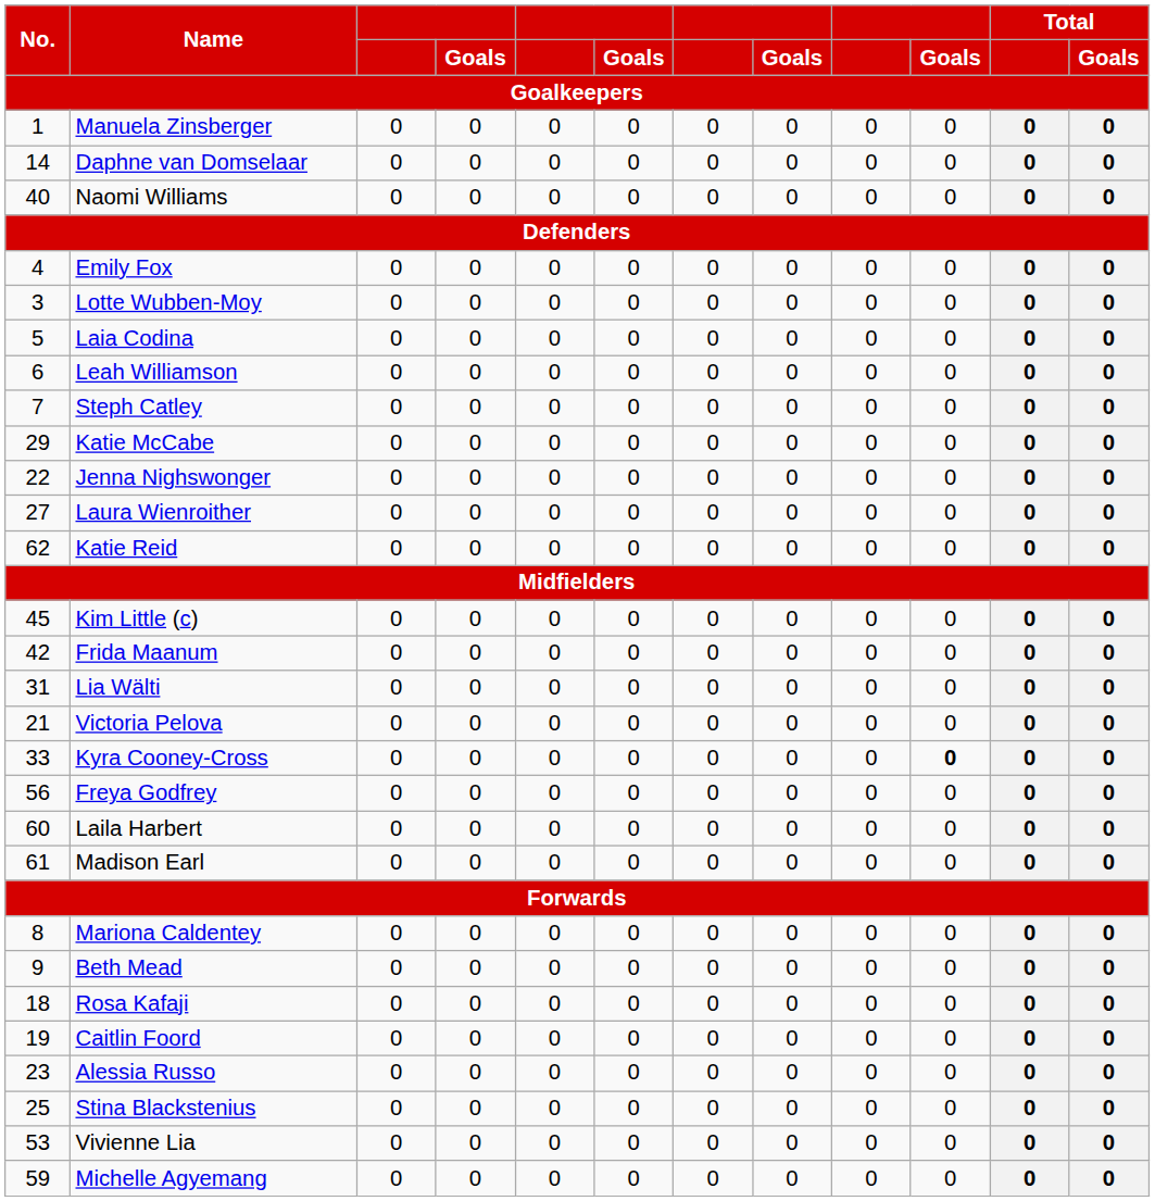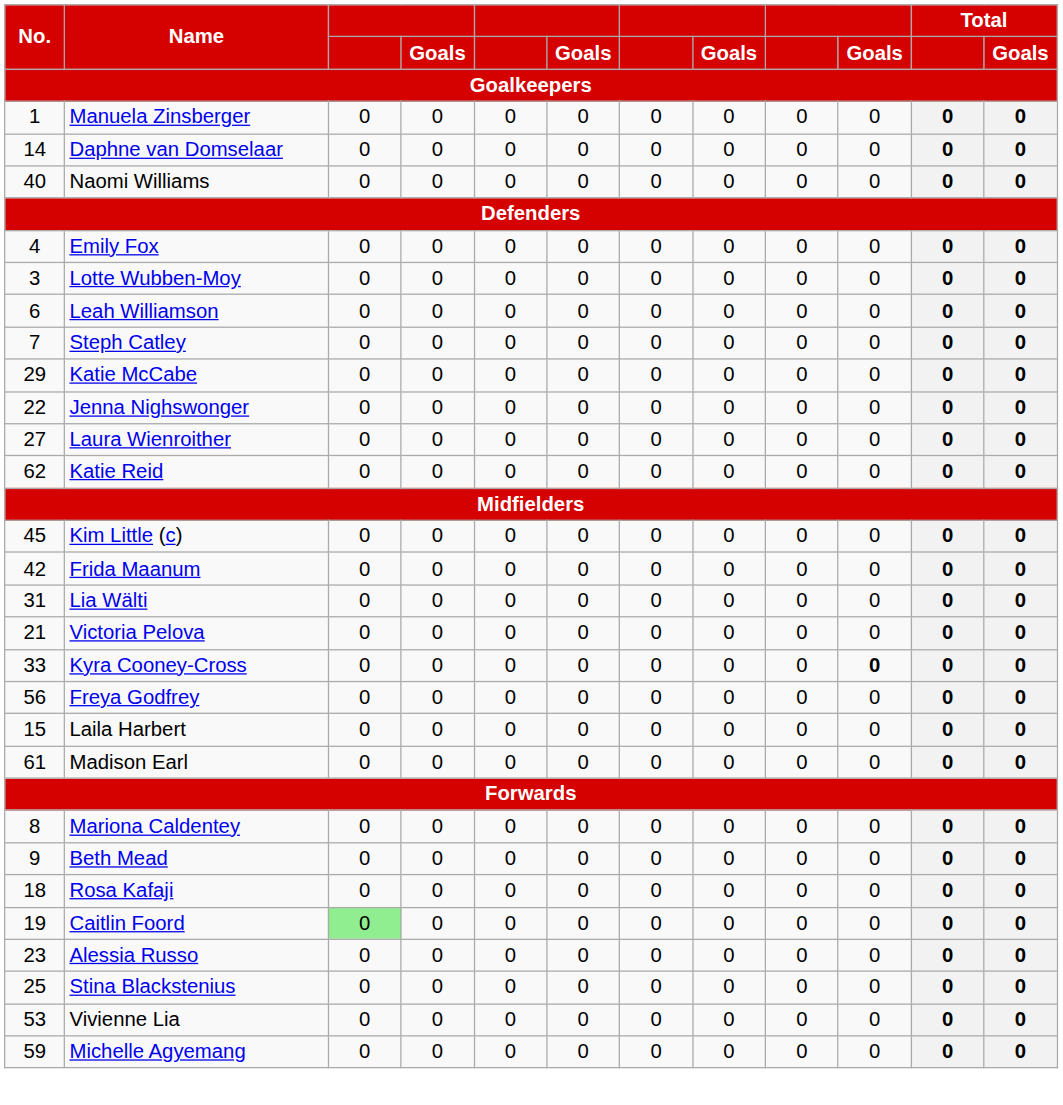 <table class="wikitable" style="text-align:center; font-size:100%; ">
 <tr>
 <th style="background:#d50000; color:white; text-align:center; width:40px;" rowspan="2">No.</th>
 <th style="background:#d50000; color:white; text-align:center; width:200px;" rowspan="2">Name</th>
 <th style="background:#d50000; color:white; text-align:center;" colspan="2"><a href='#'></a></th>
 <th style="background:#d50000; color:white; text-align:center;" colspan="2"><a href='#'></a></th>
 <th style="background:#d50000; color:white; text-align:center;" colspan="2"><a href='#'></a></th>
 <th style="background:#d50000; color:white; text-align:center;" colspan="2"><a href='#'></a></th>
 <th style="background:#d50000; color:white; text-align:center;" colspan="2">Total</th>
 </tr>
 <tr>
 <th style="background:#d50000; color:white; text-align:center; width:50px;"></th>
 <th style="background:#d50000; color:white; text-align:center; width:50px;">Goals</th>
 <th style="background:#d50000; color:white; text-align:center; width:50px;"></th>
 <th style="background:#d50000; color:white; text-align:center; width:50px;">Goals</th>
 <th style="background:#d50000; color:white; text-align:center; width:50px;"></th>
 <th style="background:#d50000; color:white; text-align:center; width:50px;">Goals</th>
 <th style="background:#d50000; color:white; text-align:center; width:50px;"></th>
 <th style="background:#d50000; color:white; text-align:center; width:50px;">Goals</th>
 <th style="background:#d50000; color:white; text-align:center; width:50px;"></th>
 <th style="background:#d50000; color:white; text-align:center; width:50px;">Goals</th>
 </tr>
 <tr>
 <th colspan="12" style="background:#d50000; color:white; text-align:center;">Goalkeepers</th>
 </tr>
 <tr>
 <td>1</td>
 <td align="left"> <a href='#'>Manuela Zinsberger</a></td>
 <td>0</td>
 <td>0</td>
 <td>0</td>
 <td>0</td>
 <td>0</td>
 <td>0</td>
 <td>0</td>
 <td>0</td>
 <th>0</th>
 <th>0</th>
 </tr>
 <tr>
 <td>14</td>
 <td align="left"> <a href='#'>Daphne van Domselaar</a></td>
 <td>0</td>
 <td>0</td>
 <td>0</td>
 <td>0</td>
 <td>0</td>
 <td>0</td>
 <td>0</td>
 <td>0</td>
 <th>0</th>
 <th>0</th>
 </tr>
 <tr>
 <td>40</td>
 <td align="left"> Naomi Williams</td>
 <td>0</td>
 <td>0</td>
 <td>0</td>
 <td>0</td>
 <td>0</td>
 <td>0</td>
 <td>0</td>
 <td>0</td>
 <th>0</th>
 <th>0</th>
 </tr>
 <tr>
 <th colspan="12" style="background:#d50000; color:white; text-align:center;">Defenders</th>
 </tr>
 <tr>
 <td>4</td>
 <td align="left"> <a href='#'>Emily Fox</a></td>
 <td>0</td>
 <td>0</td>
 <td>0</td>
 <td>0</td>
 <td>0</td>
 <td>0</td>
 <td>0</td>
 <td>0</td>
 <th>0</th>
 <th>0</th>
 </tr>
 <tr>
 <td>3</td>
 <td align="left"> <a href='#'>Lotte Wubben-Moy</a></td>
-<td>0</td>
-<td>0</td>
-<td>0</td>
-<td>0</td>
-<td>0</td>
-<td>0</td>
-<td>0</td>
-<td>0</td>
-<th>0</th>
-<th>0</th>
-</tr>
-<tr>
-<td>5</td>
-<td align="left"> <a href='#'>Laia Codina</a></td>
 <td>0</td>
 <td>0</td>
 <td>0</td>
 <td>0</td>
 <td>0</td>
 <td>0</td>
 <td>0</td>
 <td>0</td>
 <th>0</th>
 <th>0</th>
 </tr>
 <tr>
 <td>6</td>
 <td align="left"> <a href='#'>Leah Williamson</a></td>
 <td>0</td>
 <td>0</td>
 <td>0</td>
 <td>0</td>
 <td>0</td>
 <td>0</td>
 <td>0</td>
 <td>0</td>
 <th>0</th>
 <th>0</th>
 </tr>
 <tr>
 <td>7</td>
 <td align="left"> <a href='#'>Steph Catley</a></td>
 <td>0</td>
 <td>0</td>
 <td>0</td>
 <td>0</td>
 <td>0</td>
 <td>0</td>
 <td>0</td>
 <td>0</td>
 <th>0</th>
 <th>0</th>
 </tr>
 <tr>
 <td>29</td>
 <td align="left"> <a href='#'>Katie McCabe</a></td>
 <td>0</td>
 <td>0</td>
 <td>0</td>
 <td>0</td>
 <td>0</td>
 <td>0</td>
 <td>0</td>
 <td>0</td>
 <th>0</th>
 <th>0</th>
 </tr>
 <tr>
 <td>22</td>
 <td align="left"> <a href='#'>Jenna Nighswonger</a></td>
 <td>0</td>
 <td>0</td>
 <td>0</td>
 <td>0</td>
 <td>0</td>
 <td>0</td>
 <td>0</td>
 <td>0</td>
 <th>0</th>
 <th>0</th>
 </tr>
 <tr>
 <td>27</td>
 <td align="left"> <a href='#'>Laura Wienroither</a></td>
 <td>0</td>
 <td>0</td>
 <td>0</td>
 <td>0</td>
 <td>0</td>
 <td>0</td>
 <td>0</td>
 <td>0</td>
 <th>0</th>
 <th>0</th>
 </tr>
 <tr>
 <td>62</td>
 <td align="left"> <a href='#'>Katie Reid</a></td>
 <td>0</td>
 <td>0</td>
 <td>0</td>
 <td>0</td>
 <td>0</td>
 <td>0</td>
 <td>0</td>
 <td>0</td>
 <th>0</th>
 <th>0</th>
 </tr>
 <tr>
 <th colspan="12" style="background:#d50000; color:white; text-align:center;">Midfielders</th>
 </tr>
 <tr>
 <td>45</td>
 <td align="left"> <a href='#'>Kim Little</a> (<a href='#'>c</a>)</td>
 <td>0</td>
 <td>0</td>
 <td>0</td>
 <td>0</td>
 <td>0</td>
 <td>0</td>
 <td>0</td>
 <td>0</td>
 <th>0</th>
 <th>0</th>
 </tr>
 <tr>
 <td>42</td>
 <td align="left"> <a href='#'>Frida Maanum</a></td>
 <td>0</td>
 <td>0</td>
 <td>0</td>
 <td>0</td>
 <td>0</td>
 <td>0</td>
 <td>0</td>
 <td>0</td>
 <th>0</th>
 <th>0</th>
 </tr>
 <tr>
 <td>31</td>
 <td align="left"> <a href='#'>Lia Wälti</a></td>
 <td>0</td>
 <td>0</td>
 <td>0</td>
 <td>0</td>
 <td>0</td>
 <td>0</td>
 <td>0</td>
 <td>0</td>
 <th>0</th>
 <th>0</th>
 </tr>
 <tr>
 <td>21</td>
 <td align="left"> <a href='#'>Victoria Pelova</a></td>
 <td>0</td>
 <td>0</td>
 <td>0</td>
 <td>0</td>
 <td>0</td>
 <td>0</td>
 <td>0</td>
 <td>0</td>
 <th>0</th>
 <th>0</th>
 </tr>
 <tr>
 <td>33</td>
 <td align="left"> <a href='#'>Kyra Cooney-Cross</a></td>
 <td>0</td>
 <td>0</td>
 <td>0</td>
 <td>0</td>
 <td>0</td>
 <td>0</td>
 <td>0</td>
 <td><strong>0</strong></td>
 <th>0</th>
 <th>0</th>
 </tr>
 <tr>
 <td>56</td>
 <td align="left"> <a href='#'>Freya Godfrey</a></td>
 <td>0</td>
 <td>0</td>
 <td>0</td>
 <td>0</td>
 <td>0</td>
 <td>0</td>
 <td>0</td>
 <td>0</td>
 <th>0</th>
 <th>0</th>
 </tr>
 <tr>
-<td>60</td>
+<td>15</td>
 <td align="left"> Laila Harbert</td>
 <td>0</td>
 <td>0</td>
 <td>0</td>
 <td>0</td>
 <td>0</td>
 <td>0</td>
 <td>0</td>
 <td>0</td>
 <th>0</th>
 <th>0</th>
 </tr>
 <tr>
 <td>61</td>
 <td align="left"> Madison Earl</td>
 <td>0</td>
 <td>0</td>
 <td>0</td>
 <td>0</td>
 <td>0</td>
 <td>0</td>
 <td>0</td>
 <td>0</td>
 <th>0</th>
 <th>0</th>
 </tr>
 <tr>
 <th colspan="12" style="background:#d50000; color:white; text-align:center;">Forwards</th>
 </tr>
 <tr>
 <td>8</td>
 <td align="left"> <a href='#'>Mariona Caldentey</a></td>
 <td>0</td>
 <td>0</td>
 <td>0</td>
 <td>0</td>
 <td>0</td>
 <td>0</td>
 <td>0</td>
 <td>0</td>
 <th>0</th>
 <th>0</th>
 </tr>
 <tr>
 <td>9</td>
 <td align="left"> <a href='#'>Beth Mead</a></td>
 <td>0</td>
 <td>0</td>
 <td>0</td>
 <td>0</td>
 <td>0</td>
 <td>0</td>
 <td>0</td>
 <td>0</td>
 <th>0</th>
 <th>0</th>
 </tr>
 <tr>
 <td>18</td>
 <td align="left"> <a href='#'>Rosa Kafaji</a></td>
 <td>0</td>
 <td>0</td>
 <td>0</td>
 <td>0</td>
 <td>0</td>
 <td>0</td>
 <td>0</td>
 <td>0</td>
 <th>0</th>
 <th>0</th>
 </tr>
 <tr>
 <td>19</td>
 <td align="left"> <a href='#'>Caitlin Foord</a></td>
-<td>0</td>
+<td style="background: lightgreen;">0</td>
 <td>0</td>
 <td>0</td>
 <td>0</td>
 <td>0</td>
 <td>0</td>
 <td>0</td>
 <td>0</td>
 <th>0</th>
 <th>0</th>
 </tr>
 <tr>
 <td>23</td>
 <td align="left"> <a href='#'>Alessia Russo</a></td>
 <td>0</td>
 <td>0</td>
 <td>0</td>
 <td>0</td>
 <td>0</td>
 <td>0</td>
 <td>0</td>
 <td>0</td>
 <th>0</th>
 <th>0</th>
 </tr>
 <tr>
 <td>25</td>
 <td align="left"> <a href='#'>Stina Blackstenius</a></td>
 <td>0</td>
 <td>0</td>
 <td>0</td>
 <td>0</td>
 <td>0</td>
 <td>0</td>
 <td>0</td>
 <td>0</td>
 <th>0</th>
 <th>0</th>
 </tr>
 <tr>
 <td>53</td>
 <td align="left"> Vivienne Lia</td>
 <td>0</td>
 <td>0</td>
 <td>0</td>
 <td>0</td>
 <td>0</td>
 <td>0</td>
 <td>0</td>
 <td>0</td>
 <th>0</th>
 <th>0</th>
 </tr>
 <tr>
 <td>59</td>
 <td align="left"> <a href='#'>Michelle Agyemang</a></td>
 <td>0</td>
 <td>0</td>
 <td>0</td>
 <td>0</td>
 <td>0</td>
 <td>0</td>
 <td>0</td>
 <td>0</td>
 <th>0</th>
 <th>0</th>
 </tr>
 </table>
